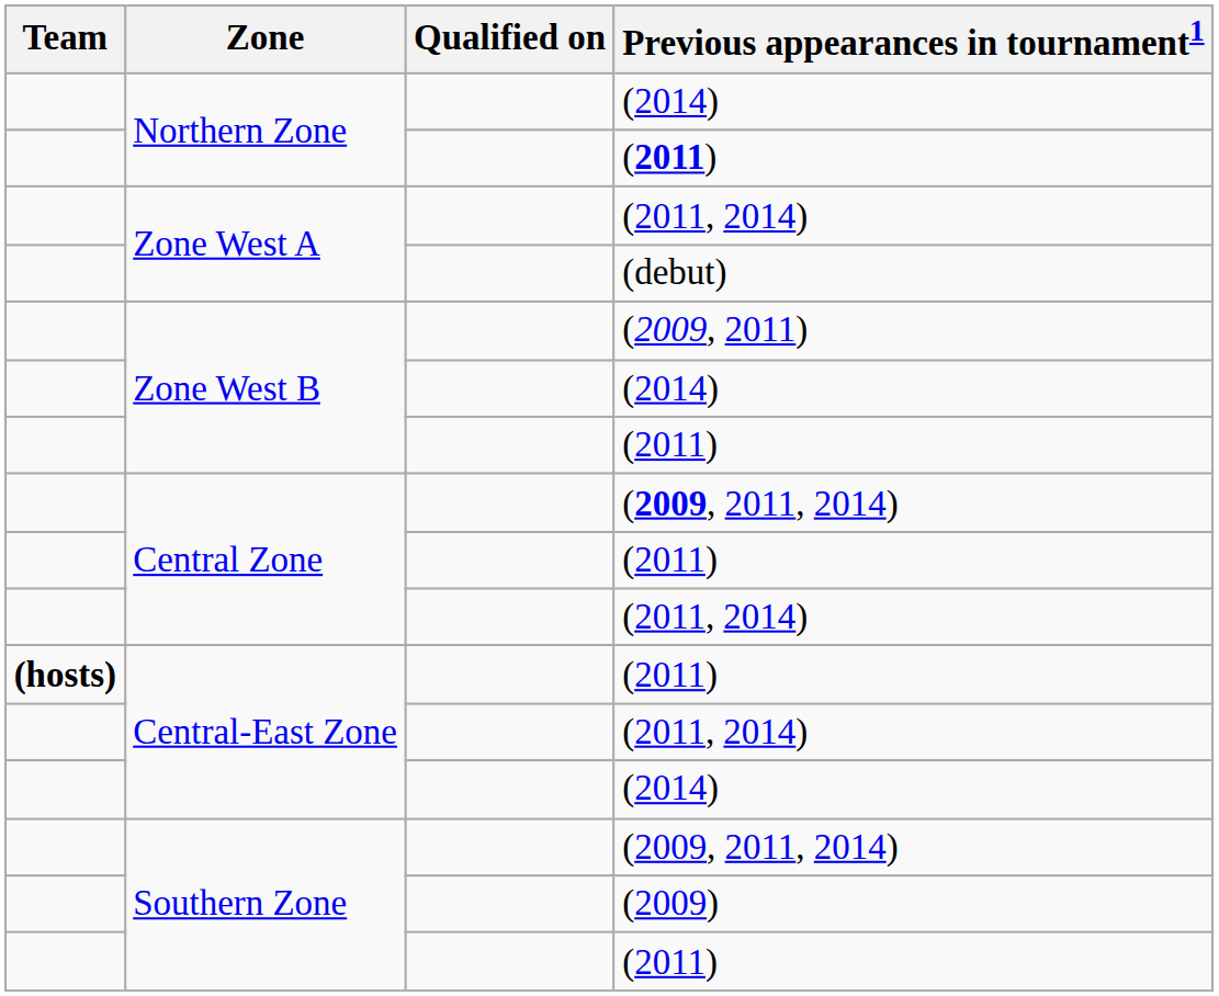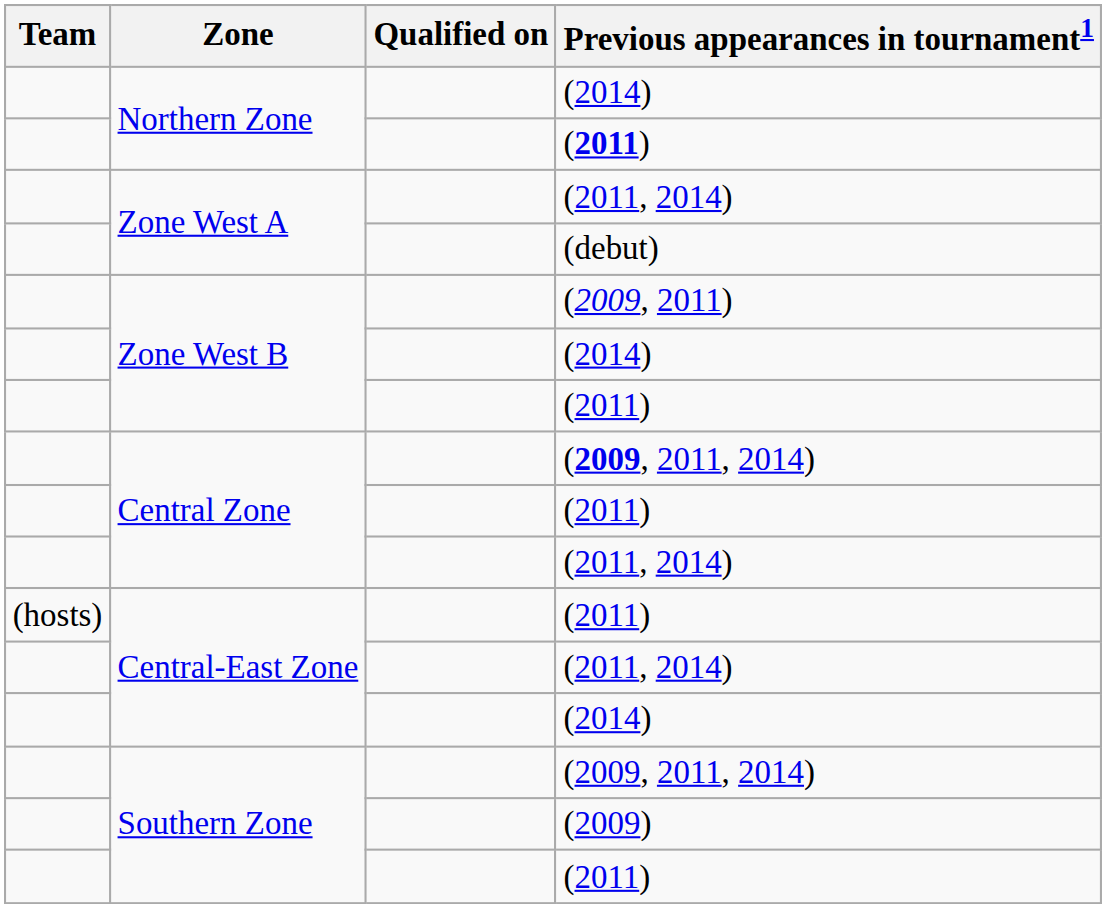 <table class="wikitable sortable" style="text-align: left;">
 <tr>
 <th>Team</th>
 <th>Zone</th>
 <th>Qualified on</th>
 <th>Previous appearances in tournament<sup><strong><a href='#'>1</a></strong></sup></th>
 </tr>
 <tr>
 <td></td>
 <td rowspan=2><a href='#'>Northern Zone</a></td>
 <td></td>
 <td> (<a href='#'>2014</a>)</td>
 </tr>
 <tr>
 <td></td>
 <td></td>
 <td> (<strong><a href='#'>2011</a></strong>)</td>
 </tr>
 <tr>
 <td></td>
 <td rowspan=2><a href='#'>Zone West A</a></td>
 <td></td>
 <td> (<a href='#'>2011</a>, <a href='#'>2014</a>)</td>
 </tr>
 <tr>
 <td></td>
 <td></td>
 <td> (debut)</td>
 </tr>
 <tr>
 <td></td>
 <td rowspan=3><a href='#'>Zone West B</a></td>
 <td></td>
 <td> (<em><a href='#'>2009</a></em>, <a href='#'>2011</a>)</td>
 </tr>
 <tr>
 <td></td>
 <td></td>
 <td> (<a href='#'>2014</a>)</td>
 </tr>
 <tr>
 <td></td>
 <td></td>
 <td> (<a href='#'>2011</a>)</td>
 </tr>
 <tr>
 <td></td>
 <td rowspan=3><a href='#'>Central Zone</a></td>
 <td></td>
 <td> (<strong><a href='#'>2009</a></strong>, <a href='#'>2011</a>, <a href='#'>2014</a>)</td>
 </tr>
 <tr>
 <td></td>
 <td></td>
 <td> (<a href='#'>2011</a>)</td>
 </tr>
 <tr>
 <td></td>
 <td></td>
 <td> (<a href='#'>2011</a>, <a href='#'>2014</a>)</td>
 </tr>
 <tr>
-<td><strong> (hosts)</strong></td>
+<td> (hosts)</td>
 <td rowspan=3><a href='#'>Central-East Zone</a></td>
 <td></td>
 <td> (<a href='#'>2011</a>)</td>
 </tr>
 <tr>
 <td></td>
 <td></td>
 <td> (<a href='#'>2011</a>, <a href='#'>2014</a>)</td>
 </tr>
 <tr>
 <td></td>
 <td></td>
 <td> (<a href='#'>2014</a>)</td>
 </tr>
 <tr>
 <td></td>
 <td rowspan=3><a href='#'>Southern Zone</a></td>
 <td></td>
 <td> (<a href='#'>2009</a>, <a href='#'>2011</a>, <a href='#'>2014</a>)</td>
 </tr>
 <tr>
 <td></td>
 <td></td>
 <td> (<a href='#'>2009</a>)</td>
 </tr>
 <tr>
 <td></td>
 <td></td>
 <td> (<a href='#'>2011</a>)</td>
 </tr>
 </table>
